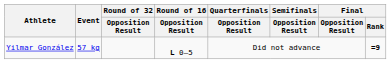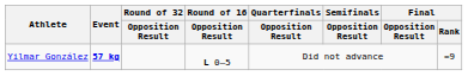 <table class="wikitable" style="font-size:90%">
 <tr>
 <th rowspan="2">Athlete</th>
 <th rowspan="2">Event</th>
 <th>Round of 32</th>
 <th>Round of 16</th>
 <th>Quarterfinals</th>
 <th>Semifinals</th>
 <th colspan=2>Final</th>
 </tr>
 <tr style="font-size:95%">
 <th>Opposition<br>Result</th>
 <th>Opposition<br>Result</th>
 <th>Opposition<br>Result</th>
 <th>Opposition<br>Result</th>
 <th>Opposition<br>Result</th>
 <th>Rank</th>
 </tr>
 <tr align=center>
 <td align=left><a href='#'>Yilmar González</a></td>
-<td align=left><a href='#'>57 kg</a></td>
+<td align=left><strong><a href='#'>57 kg</a></strong></td>
 <td></td>
 <td><br><strong>L</strong> 0–5</td>
 <td colspan=3>Did not advance</td>
-<td><strong>=9</strong></td>
+<td>=9</td>
 </tr>
 </table>
